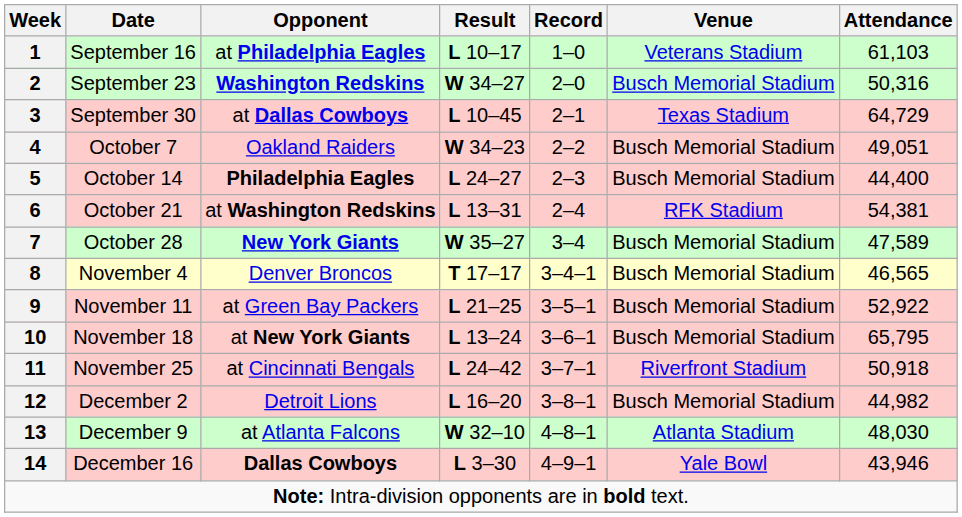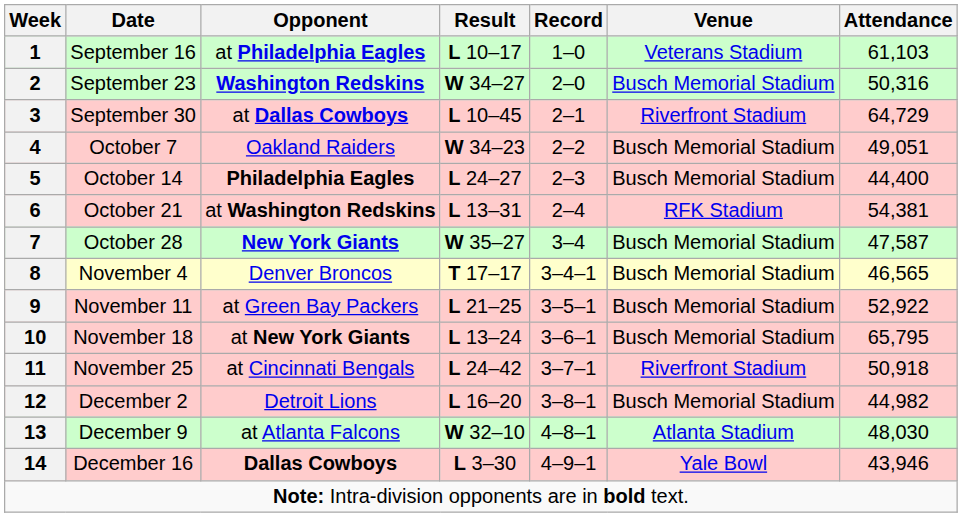 <table class="wikitable" style="text-align:center">
 <tr>
 <th>Week</th>
 <th>Date</th>
 <th>Opponent</th>
 <th>Result</th>
 <th>Record</th>
 <th>Venue</th>
 <th>Attendance</th>
 </tr>
 <tr style="background:#cfc">
 <th>1</th>
 <td>September 16</td>
 <td>at <strong><a href='#'>Philadelphia Eagles</a></strong></td>
 <td><strong>L</strong> 10–17</td>
 <td>1–0</td>
 <td><a href='#'>Veterans Stadium</a></td>
 <td>61,103</td>
 </tr>
 <tr style="background:#cfc">
 <th>2</th>
 <td>September 23</td>
 <td><strong><a href='#'>Washington Redskins</a></strong></td>
 <td><strong>W</strong> 34–27</td>
 <td>2–0</td>
 <td><a href='#'>Busch Memorial Stadium</a></td>
 <td>50,316</td>
 </tr>
 <tr style="background:#fcc">
 <th>3</th>
 <td>September 30</td>
 <td>at <strong><a href='#'>Dallas Cowboys</a></strong></td>
 <td><strong>L</strong> 10–45</td>
 <td>2–1</td>
-<td><a href='#'>Texas Stadium</a></td>
+<td><a href='#'>Riverfront Stadium</a></td>
 <td>64,729</td>
 </tr>
 <tr style="background:#fcc">
 <th>4</th>
 <td>October 7</td>
 <td><a href='#'>Oakland Raiders</a></td>
 <td><strong>W</strong> 34–23</td>
 <td>2–2</td>
 <td>Busch Memorial Stadium</td>
 <td>49,051</td>
 </tr>
 <tr style="background:#fcc">
 <th>5</th>
 <td>October 14</td>
 <td><strong>Philadelphia Eagles</strong></td>
 <td><strong>L</strong> 24–27</td>
 <td>2–3</td>
 <td>Busch Memorial Stadium</td>
 <td>44,400</td>
 </tr>
 <tr style="background:#fcc">
 <th>6</th>
 <td>October 21</td>
 <td>at <strong>Washington Redskins</strong></td>
 <td><strong>L</strong> 13–31</td>
 <td>2–4</td>
 <td><a href='#'>RFK Stadium</a></td>
 <td>54,381</td>
 </tr>
 <tr style="background:#cfc">
 <th>7</th>
 <td>October 28</td>
 <td><strong><a href='#'>New York Giants</a></strong></td>
 <td><strong>W</strong> 35–27</td>
 <td>3–4</td>
 <td>Busch Memorial Stadium</td>
-<td>47,589</td>
+<td>47,587</td>
 </tr>
 <tr style="background:#ffc">
 <th>8</th>
 <td>November 4</td>
 <td><a href='#'>Denver Broncos</a></td>
 <td><strong>T</strong> 17–17</td>
 <td>3–4–1</td>
 <td>Busch Memorial Stadium</td>
 <td>46,565</td>
 </tr>
 <tr style="background:#fcc">
 <th>9</th>
 <td>November 11</td>
 <td>at <a href='#'>Green Bay Packers</a></td>
 <td><strong>L</strong> 21–25</td>
 <td>3–5–1</td>
 <td>Busch Memorial Stadium</td>
 <td>52,922</td>
 </tr>
 <tr style="background:#fcc">
 <th>10</th>
 <td>November 18</td>
 <td>at <strong>New York Giants</strong></td>
 <td><strong>L</strong> 13–24</td>
 <td>3–6–1</td>
 <td>Busch Memorial Stadium</td>
 <td>65,795</td>
 </tr>
 <tr style="background:#fcc">
 <th>11</th>
 <td>November 25</td>
 <td>at <a href='#'>Cincinnati Bengals</a></td>
 <td><strong>L</strong> 24–42</td>
 <td>3–7–1</td>
 <td><a href='#'>Riverfront Stadium</a></td>
 <td>50,918</td>
 </tr>
 <tr style="background:#fcc">
 <th>12</th>
 <td>December 2</td>
 <td><a href='#'>Detroit Lions</a></td>
 <td><strong>L</strong> 16–20</td>
 <td>3–8–1</td>
 <td>Busch Memorial Stadium</td>
 <td>44,982</td>
 </tr>
 <tr style="background:#cfc">
 <th>13</th>
 <td>December 9</td>
 <td>at <a href='#'>Atlanta Falcons</a></td>
 <td><strong>W</strong> 32–10</td>
 <td>4–8–1</td>
 <td><a href='#'>Atlanta Stadium</a></td>
 <td>48,030</td>
 </tr>
 <tr style="background:#fcc">
 <th>14</th>
 <td>December 16</td>
 <td><strong>Dallas Cowboys</strong></td>
 <td><strong>L</strong> 3–30</td>
 <td>4–9–1</td>
 <td><a href='#'>Yale Bowl</a></td>
 <td>43,946</td>
 </tr>
 <tr>
 <td colspan="8"><strong>Note:</strong> Intra-division opponents are in <strong>bold</strong> text.</td>
 </tr>
 </table>
